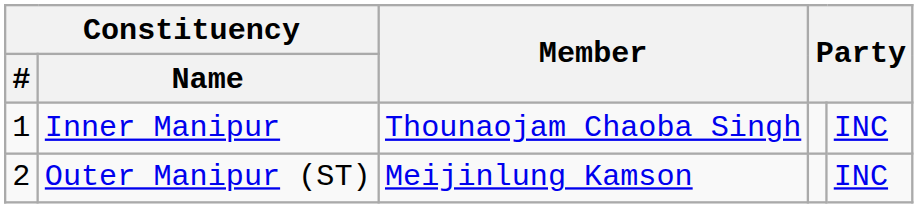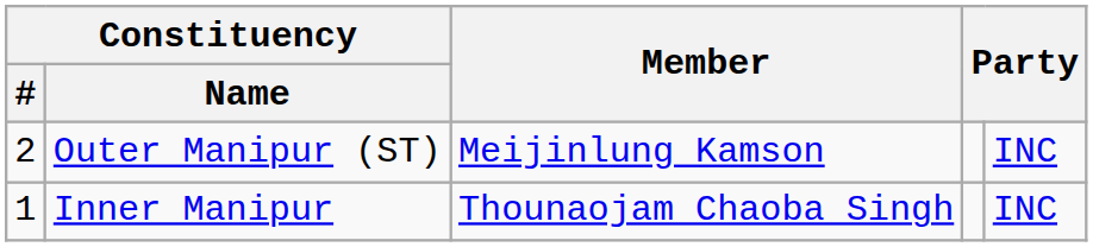 <table class="wikitable sortable">
 <tr>
 <th colspan="2">Constituency</th>
 <th rowspan="2">Member</th>
 <th colspan="2" rowspan="2">Party</th>
 </tr>
 <tr>
 <th>#</th>
 <th>Name</th>
 </tr>
 <tr>
+<td>2</td>
+<td><a href='#'>Outer Manipur</a> (ST)</td>
+<td><a href='#'>Meijinlung Kamson</a></td>
+<td style="background-color: "></td>
+<td><a href='#'>INC</a></td>
+</tr>
+<tr>
 <td>1</td>
 <td><a href='#'>Inner Manipur</a></td>
 <td><a href='#'>Thounaojam Chaoba Singh</a></td>
 <td style="background-color: "></td>
 <td><a href='#'>INC</a></td>
 </tr>
-<tr>
-<td>2</td>
-<td><a href='#'>Outer Manipur</a> (ST)</td>
-<td><a href='#'>Meijinlung Kamson</a></td>
-<td style="background-color: "></td>
-<td><a href='#'>INC</a></td>
-</tr>
 </table>
